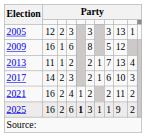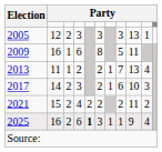 <table class="wikitable">
 <tr>
 <th rowspan="2">Election</th>
 <th colspan="10">Party</th>
 </tr>
 <tr>
 <td style="background:"><strong><a href='#'></a></strong></td>
 <td style="background:"><strong><a href='#'></a></strong></td>
 <td style="background:"><strong><a href='#'></a></strong></td>
 <td style="background:"><strong><a href='#'></a></strong></td>
 <td style="background:"><strong><a href='#'></a></strong></td>
 <td style="background:"><strong><a href='#'></a></strong></td>
 <td style="background:"><strong><a href='#'></a></strong></td>
 <td style="background:"><strong><a href='#'></a></strong></td>
 <td style="background:"><strong><a href='#'></a></strong></td>
 <td style="background:#8B8989;"><strong></strong></td>
 </tr>
 <tr>
 <td><a href='#'>2005</a></td>
 <td>12</td>
 <td>2</td>
 <td>3</td>
 <td style="background:#CDC9C9;" rowspan="4"></td>
 <td>3</td>
 <td style="background:#CDC9C9;" rowspan="2"></td>
 <td>3</td>
 <td>13</td>
 <td>1</td>
 <td></td>
 </tr>
 <tr>
 <td><a href='#'>2009</a></td>
 <td>16</td>
 <td>1</td>
 <td>6</td>
 <td>8</td>
 <td>5</td>
-<td>12</td>
+<td>11</td>
 <td style="background:#CDC9C9;"></td>
 <td style="background:#CDC9C9;" rowspan="5"></td>
 </tr>
 <tr>
 <td><a href='#'>2013</a></td>
 <td>11</td>
 <td>1</td>
 <td>2</td>
 <td>2</td>
 <td>1</td>
 <td>7</td>
 <td>13</td>
 <td>4</td>
 </tr>
 <tr>
 <td><a href='#'>2017</a></td>
 <td>14</td>
 <td>2</td>
 <td>3</td>
 <td>2</td>
 <td>1</td>
 <td>6</td>
 <td>10</td>
 <td>3</td>
 </tr>
 <tr>
 <td><a href='#'>2021</a></td>
-<td>16</td>
+<td>15</td>
 <td>2</td>
 <td>4</td>
-<td>1</td>
+<td>2</td>
 <td>2</td>
 <td style="background:#CDC9C9;"></td>
 <td>2</td>
 <td>11</td>
 <td>2</td>
 </tr>
 <tr style="background:#edebeb;">
 <td><a href='#'>2025</a></td>
 <td>16</td>
 <td>2</td>
 <td>6</td>
 <td><strong>1</strong></td>
 <td>3</td>
 <td>1</td>
 <td>1</td>
 <td>9</td>
-<td>2</td>
+<td>4</td>
 </tr>
 <tr>
 <td colspan="99">Source:</td>
 </tr>
 </table>
